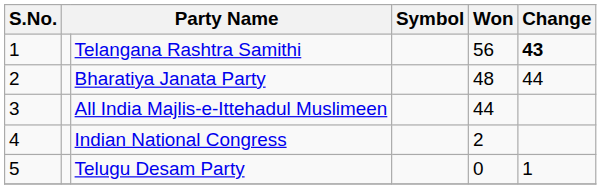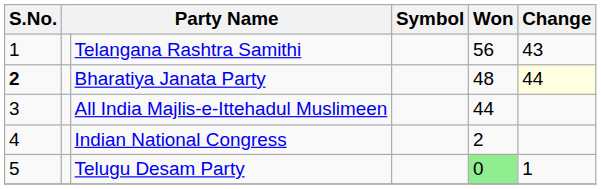 <table CLASS="sortable wikitable">
 <tr>
 <th>S.No.</th>
 <th colspan=2>Party Name</th>
 <th>Symbol</th>
 <th>Won</th>
 <th>Change</th>
 </tr>
 <tr>
 <td>1</td>
 <td></td>
 <td><a href='#'>Telangana Rashtra Samithi</a></td>
 <td></td>
 <td>56</td>
-<td><strong>43</strong></td>
+<td>43</td>
 </tr>
 <tr>
-<td>2</td>
+<td><strong>2</strong></td>
 <td></td>
 <td><a href='#'>Bharatiya Janata Party</a></td>
 <td></td>
 <td>48</td>
-<td>44</td>
+<td style="background: lightyellow;">44</td>
 </tr>
 <tr>
 <td>3</td>
 <td></td>
 <td><a href='#'>All India Majlis-e-Ittehadul Muslimeen</a></td>
 <td></td>
 <td>44</td>
 <td></td>
 </tr>
 <tr>
 <td>4</td>
 <td></td>
 <td><a href='#'>Indian National Congress</a></td>
 <td></td>
 <td>2</td>
 <td></td>
 </tr>
 <tr>
 <td>5</td>
 <td></td>
 <td><a href='#'>Telugu Desam Party</a></td>
 <td></td>
-<td>0</td>
+<td style="background: lightgreen;">0</td>
 <td>1</td>
 </tr>
 <tr>
 </tr>
 </table>
